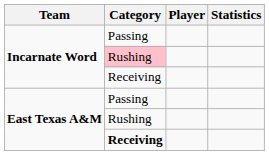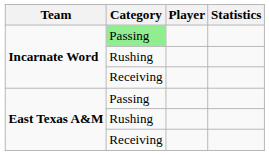 <table class="wikitable" style="float: right;">
 <tr>
 <th>Team</th>
 <th>Category</th>
 <th>Player</th>
 <th>Statistics</th>
 </tr>
 <tr>
 <td rowspan=3><strong>Incarnate Word</strong></td>
-<td>Passing</td>
+<td style="background: lightgreen;">Passing</td>
 <td></td>
 <td></td>
 </tr>
 <tr>
-<td style="background: pink;">Rushing</td>
+<td>Rushing</td>
 <td></td>
 <td></td>
 </tr>
 <tr>
 <td>Receiving</td>
 <td></td>
 <td></td>
 </tr>
 <tr>
 <td rowspan=3><strong>East Texas A&M</strong></td>
 <td>Passing</td>
 <td></td>
 <td></td>
 </tr>
 <tr>
 <td>Rushing</td>
 <td></td>
 <td></td>
 </tr>
 <tr>
-<td><strong>Receiving</strong></td>
+<td>Receiving</td>
 <td></td>
 <td></td>
 </tr>
 </table>
